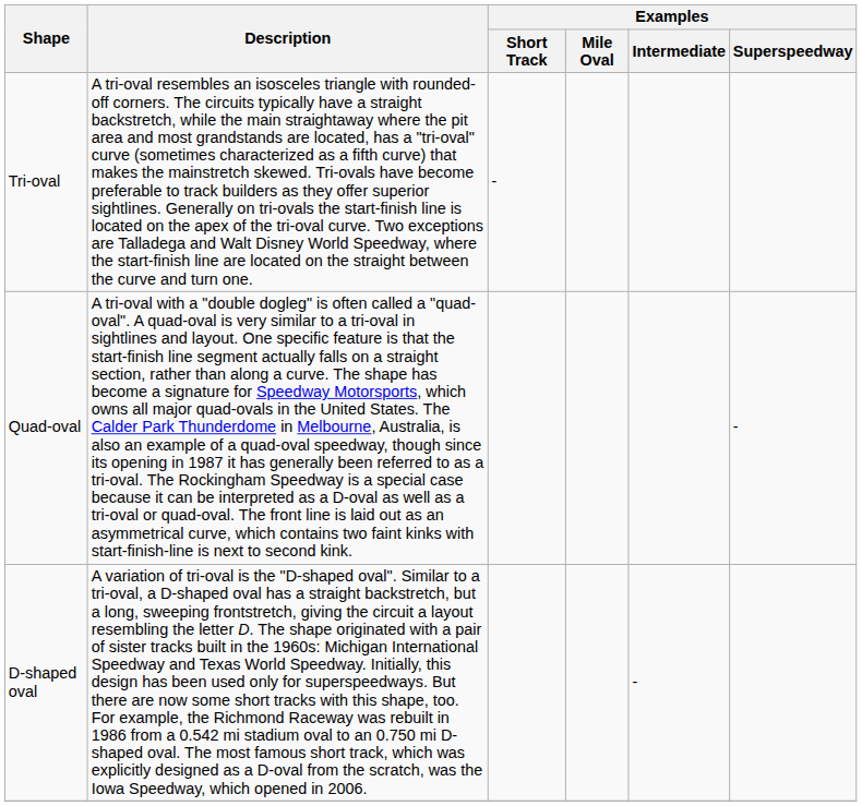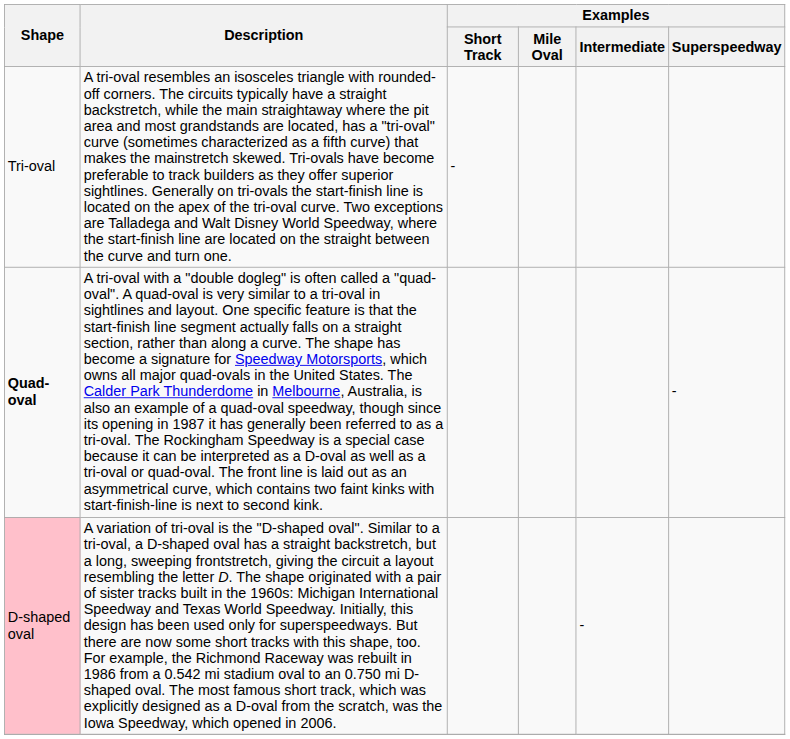 <table class="wikitable">
 <tr>
 <th rowspan="2" width="10%">Shape</th>
 <th rowspan="2" width="50%">Description</th>
 <th width=40% colspan="4">Examples</th>
 </tr>
 <tr>
 <th>Short Track</th>
 <th>Mile Oval</th>
 <th>Intermediate</th>
 <th>Superspeedway</th>
 </tr>
 <tr>
 <td>Tri-oval</td>
 <td>A tri-oval resembles an isosceles triangle with rounded-off corners. The circuits typically have a straight backstretch, while the main straightaway where the pit area and most grandstands are located, has a "tri-oval" curve (sometimes characterized as a fifth curve) that makes the mainstretch skewed. Tri-ovals have become preferable to track builders as they offer superior sightlines. Generally on tri-ovals the start-finish line is located on the apex of the tri-oval curve. Two exceptions are Talladega and Walt Disney World Speedway, where the start-finish line are located on the straight between the curve and turn one.</td>
 <td>-</td>
 <td></td>
 <td></td>
 <td></td>
 </tr>
 <tr>
-<td>Quad-oval</td>
+<td><strong>Quad-oval</strong></td>
 <td>A tri-oval with a "double dogleg" is often called a "quad-oval". A quad-oval is very similar to a tri-oval in sightlines and layout. One specific feature is that the start-finish line segment actually falls on a straight section, rather than along a curve. The shape has become a signature for <a href='#'>Speedway Motorsports</a>, which owns all major quad-ovals in the United States. The <a href='#'>Calder Park Thunderdome</a> in <a href='#'>Melbourne</a>, Australia, is also an example of a quad-oval speedway, though since its opening in 1987 it has generally been referred to as a tri-oval. The Rockingham Speedway is a special case because it can be interpreted as a D-oval as well as a tri-oval or quad-oval. The front line is laid out as an asymmetrical curve, which contains two faint kinks with start-finish-line is next to second kink.</td>
 <td></td>
 <td></td>
 <td></td>
 <td>-</td>
 </tr>
 <tr>
-<td>D-shaped oval</td>
+<td style="background: pink;">D-shaped oval</td>
 <td>A variation of tri-oval is the "D-shaped oval". Similar to a tri-oval, a D-shaped oval has a straight backstretch, but a long, sweeping frontstretch, giving the circuit a layout resembling the letter <em>D</em>. The shape originated with a pair of sister tracks built in the 1960s: Michigan International Speedway and Texas World Speedway. Initially, this design has been used only for superspeedways. But there are now some short tracks with this shape, too. For example, the Richmond Raceway was rebuilt in 1986 from a 0.542 mi stadium oval to an 0.750 mi D-shaped oval. The most famous short track, which was explicitly designed as a D-oval from the scratch, was the Iowa Speedway, which opened in 2006.</td>
 <td></td>
 <td></td>
 <td>-</td>
 <td><br></td>
 </tr>
 <tr>
 </tr>
 </table>
